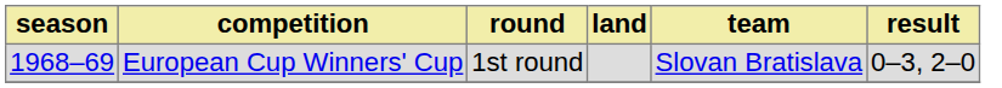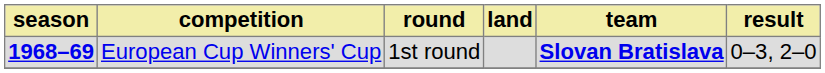 <table style="border-collapse:collapse" border="1" cellspacing="0" cellpadding="2">
 <tr style="background:#f2eeaa;">
 <th align=center>season</th>
 <th>competition</th>
 <th>round</th>
 <th>land</th>
 <th>team</th>
 <th>result</th>
 </tr>
 <tr style="background-color:#dddddd">
-<td align=center><a href='#'>1968–69</a></td>
+<td align=center><strong><a href='#'>1968–69</a></strong></td>
 <td align=center><a href='#'>European Cup Winners' Cup</a></td>
 <td align=center>1st round</td>
 <td align=center></td>
-<td align=center><a href='#'>Slovan Bratislava</a></td>
+<td align=center><strong><a href='#'>Slovan Bratislava</a></strong></td>
 <td align=center>0–3, 2–0</td>
 </tr>
 <tr style="background-color:#dddddd">
 </tr>
 </table>
